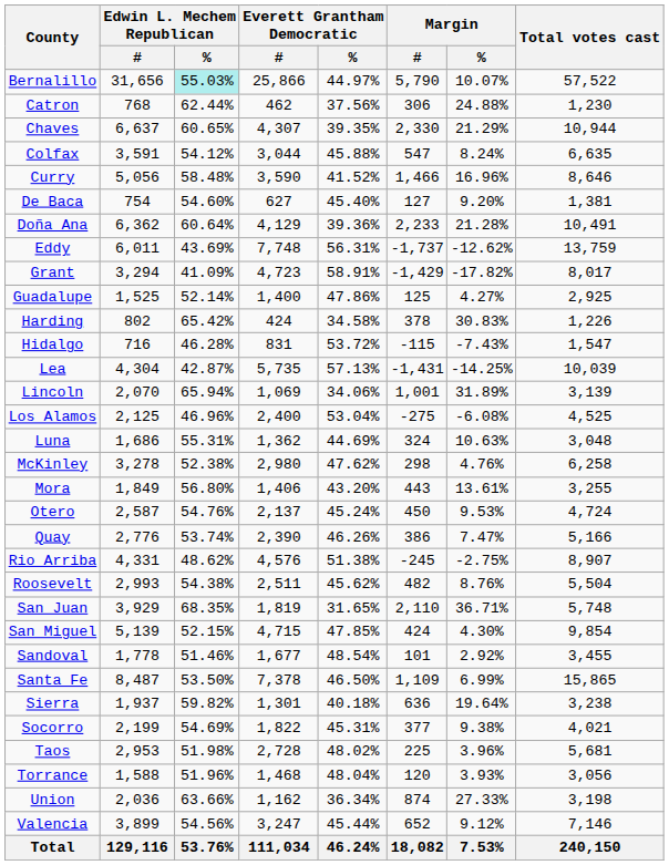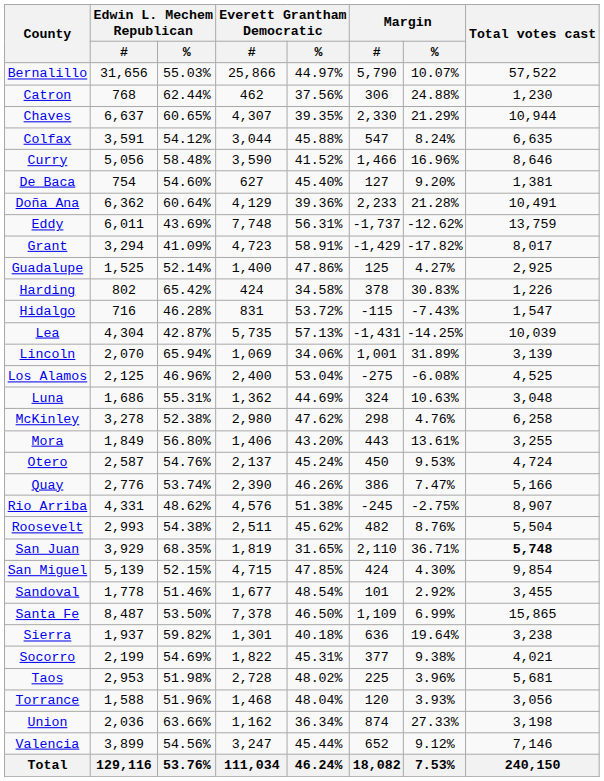 <table class="wikitable sortable" style="text-align:center">
 <tr>
 <th style="text-align:center;" rowspan="2">County</th>
 <th style="text-align:center;" colspan="2">Edwin L. Mechem<br>Republican</th>
 <th style="text-align:center;" colspan="2">Everett Grantham<br>Democratic</th>
 <th style="text-align:center;" colspan="2">Margin</th>
 <th style="text-align:center;" rowspan="2">Total votes cast</th>
 </tr>
 <tr>
 <th style="text-align:center;" data-sort-type="number">#</th>
 <th style="text-align:center;" data-sort-type="number">%</th>
 <th style="text-align:center;" data-sort-type="number">#</th>
 <th style="text-align:center;" data-sort-type="number">%</th>
 <th style="text-align:center;" data-sort-type="number">#</th>
 <th style="text-align:center;" data-sort-type="number">%</th>
 </tr>
 <tr style="text-align:center;">
 <td><a href='#'>Bernalillo</a></td>
 <td>31,656</td>
-<td style="background: paleturquoise;">55.03%</td>
+<td>55.03%</td>
 <td>25,866</td>
 <td>44.97%</td>
 <td>5,790</td>
 <td>10.07%</td>
 <td>57,522</td>
 </tr>
 <tr style="text-align:center;">
 <td><a href='#'>Catron</a></td>
 <td>768</td>
 <td>62.44%</td>
 <td>462</td>
 <td>37.56%</td>
 <td>306</td>
 <td>24.88%</td>
 <td>1,230</td>
 </tr>
 <tr style="text-align:center;">
 <td><a href='#'>Chaves</a></td>
 <td>6,637</td>
 <td>60.65%</td>
 <td>4,307</td>
 <td>39.35%</td>
 <td>2,330</td>
 <td>21.29%</td>
 <td>10,944</td>
 </tr>
 <tr style="text-align:center;">
 <td><a href='#'>Colfax</a></td>
 <td>3,591</td>
 <td>54.12%</td>
 <td>3,044</td>
 <td>45.88%</td>
 <td>547</td>
 <td>8.24%</td>
 <td>6,635</td>
 </tr>
 <tr style="text-align:center;">
 <td><a href='#'>Curry</a></td>
 <td>5,056</td>
 <td>58.48%</td>
 <td>3,590</td>
 <td>41.52%</td>
 <td>1,466</td>
 <td>16.96%</td>
 <td>8,646</td>
 </tr>
 <tr style="text-align:center;">
 <td><a href='#'>De Baca</a></td>
 <td>754</td>
 <td>54.60%</td>
 <td>627</td>
 <td>45.40%</td>
 <td>127</td>
 <td>9.20%</td>
 <td>1,381</td>
 </tr>
 <tr style="text-align:center;">
 <td><a href='#'>Doña Ana</a></td>
 <td>6,362</td>
 <td>60.64%</td>
 <td>4,129</td>
 <td>39.36%</td>
 <td>2,233</td>
 <td>21.28%</td>
 <td>10,491</td>
 </tr>
 <tr style="text-align:center;">
 <td><a href='#'>Eddy</a></td>
 <td>6,011</td>
 <td>43.69%</td>
 <td>7,748</td>
 <td>56.31%</td>
 <td>-1,737</td>
 <td>-12.62%</td>
 <td>13,759</td>
 </tr>
 <tr style="text-align:center;">
 <td><a href='#'>Grant</a></td>
 <td>3,294</td>
 <td>41.09%</td>
 <td>4,723</td>
 <td>58.91%</td>
 <td>-1,429</td>
 <td>-17.82%</td>
 <td>8,017</td>
 </tr>
 <tr style="text-align:center;">
 <td><a href='#'>Guadalupe</a></td>
 <td>1,525</td>
 <td>52.14%</td>
 <td>1,400</td>
 <td>47.86%</td>
 <td>125</td>
 <td>4.27%</td>
 <td>2,925</td>
 </tr>
 <tr style="text-align:center;">
 <td><a href='#'>Harding</a></td>
 <td>802</td>
 <td>65.42%</td>
 <td>424</td>
 <td>34.58%</td>
 <td>378</td>
 <td>30.83%</td>
 <td>1,226</td>
 </tr>
 <tr style="text-align:center;">
 <td><a href='#'>Hidalgo</a></td>
 <td>716</td>
 <td>46.28%</td>
 <td>831</td>
 <td>53.72%</td>
 <td>-115</td>
 <td>-7.43%</td>
 <td>1,547</td>
 </tr>
 <tr style="text-align:center;">
 <td><a href='#'>Lea</a></td>
 <td>4,304</td>
 <td>42.87%</td>
 <td>5,735</td>
 <td>57.13%</td>
 <td>-1,431</td>
 <td>-14.25%</td>
 <td>10,039</td>
 </tr>
 <tr style="text-align:center;">
 <td><a href='#'>Lincoln</a></td>
 <td>2,070</td>
 <td>65.94%</td>
 <td>1,069</td>
 <td>34.06%</td>
 <td>1,001</td>
 <td>31.89%</td>
 <td>3,139</td>
 </tr>
 <tr style="text-align:center;">
 <td><a href='#'>Los Alamos</a></td>
 <td>2,125</td>
 <td>46.96%</td>
 <td>2,400</td>
 <td>53.04%</td>
 <td>-275</td>
 <td>-6.08%</td>
 <td>4,525</td>
 </tr>
 <tr style="text-align:center;">
 <td><a href='#'>Luna</a></td>
 <td>1,686</td>
 <td>55.31%</td>
 <td>1,362</td>
 <td>44.69%</td>
 <td>324</td>
 <td>10.63%</td>
 <td>3,048</td>
 </tr>
 <tr style="text-align:center;">
 <td><a href='#'>McKinley</a></td>
 <td>3,278</td>
 <td>52.38%</td>
 <td>2,980</td>
 <td>47.62%</td>
 <td>298</td>
 <td>4.76%</td>
 <td>6,258</td>
 </tr>
 <tr style="text-align:center;">
 <td><a href='#'>Mora</a></td>
 <td>1,849</td>
 <td>56.80%</td>
 <td>1,406</td>
 <td>43.20%</td>
 <td>443</td>
 <td>13.61%</td>
 <td>3,255</td>
 </tr>
 <tr style="text-align:center;">
 <td><a href='#'>Otero</a></td>
 <td>2,587</td>
 <td>54.76%</td>
 <td>2,137</td>
 <td>45.24%</td>
 <td>450</td>
 <td>9.53%</td>
 <td>4,724</td>
 </tr>
 <tr style="text-align:center;">
 <td><a href='#'>Quay</a></td>
 <td>2,776</td>
 <td>53.74%</td>
 <td>2,390</td>
 <td>46.26%</td>
 <td>386</td>
 <td>7.47%</td>
 <td>5,166</td>
 </tr>
 <tr style="text-align:center;">
 <td><a href='#'>Rio Arriba</a></td>
 <td>4,331</td>
 <td>48.62%</td>
 <td>4,576</td>
 <td>51.38%</td>
 <td>-245</td>
 <td>-2.75%</td>
 <td>8,907</td>
 </tr>
 <tr style="text-align:center;">
 <td><a href='#'>Roosevelt</a></td>
 <td>2,993</td>
 <td>54.38%</td>
 <td>2,511</td>
 <td>45.62%</td>
 <td>482</td>
 <td>8.76%</td>
 <td>5,504</td>
 </tr>
 <tr style="text-align:center;">
 <td><a href='#'>San Juan</a></td>
 <td>3,929</td>
 <td>68.35%</td>
 <td>1,819</td>
 <td>31.65%</td>
 <td>2,110</td>
 <td>36.71%</td>
-<td>5,748</td>
+<td><strong>5,748</strong></td>
 </tr>
 <tr style="text-align:center;">
 <td><a href='#'>San Miguel</a></td>
 <td>5,139</td>
 <td>52.15%</td>
 <td>4,715</td>
 <td>47.85%</td>
 <td>424</td>
 <td>4.30%</td>
 <td>9,854</td>
 </tr>
 <tr style="text-align:center;">
 <td><a href='#'>Sandoval</a></td>
 <td>1,778</td>
 <td>51.46%</td>
 <td>1,677</td>
 <td>48.54%</td>
 <td>101</td>
 <td>2.92%</td>
 <td>3,455</td>
 </tr>
 <tr style="text-align:center;">
 <td><a href='#'>Santa Fe</a></td>
 <td>8,487</td>
 <td>53.50%</td>
 <td>7,378</td>
 <td>46.50%</td>
 <td>1,109</td>
 <td>6.99%</td>
 <td>15,865</td>
 </tr>
 <tr style="text-align:center;">
 <td><a href='#'>Sierra</a></td>
 <td>1,937</td>
 <td>59.82%</td>
 <td>1,301</td>
 <td>40.18%</td>
 <td>636</td>
 <td>19.64%</td>
 <td>3,238</td>
 </tr>
 <tr style="text-align:center;">
 <td><a href='#'>Socorro</a></td>
 <td>2,199</td>
 <td>54.69%</td>
 <td>1,822</td>
 <td>45.31%</td>
 <td>377</td>
 <td>9.38%</td>
 <td>4,021</td>
 </tr>
 <tr style="text-align:center;">
 <td><a href='#'>Taos</a></td>
 <td>2,953</td>
 <td>51.98%</td>
 <td>2,728</td>
 <td>48.02%</td>
 <td>225</td>
 <td>3.96%</td>
 <td>5,681</td>
 </tr>
 <tr style="text-align:center;">
 <td><a href='#'>Torrance</a></td>
 <td>1,588</td>
 <td>51.96%</td>
 <td>1,468</td>
 <td>48.04%</td>
 <td>120</td>
 <td>3.93%</td>
 <td>3,056</td>
 </tr>
 <tr style="text-align:center;">
 <td><a href='#'>Union</a></td>
 <td>2,036</td>
 <td>63.66%</td>
 <td>1,162</td>
 <td>36.34%</td>
 <td>874</td>
 <td>27.33%</td>
 <td>3,198</td>
 </tr>
 <tr style="text-align:center;">
 <td><a href='#'>Valencia</a></td>
 <td>3,899</td>
 <td>54.56%</td>
 <td>3,247</td>
 <td>45.44%</td>
 <td>652</td>
 <td>9.12%</td>
 <td>7,146</td>
 </tr>
 <tr style="text-align:center;">
 <th>Total</th>
 <th>129,116</th>
 <th>53.76%</th>
 <th>111,034</th>
 <th>46.24%</th>
 <th>18,082</th>
 <th>7.53%</th>
 <th>240,150</th>
 </tr>
 </table>
